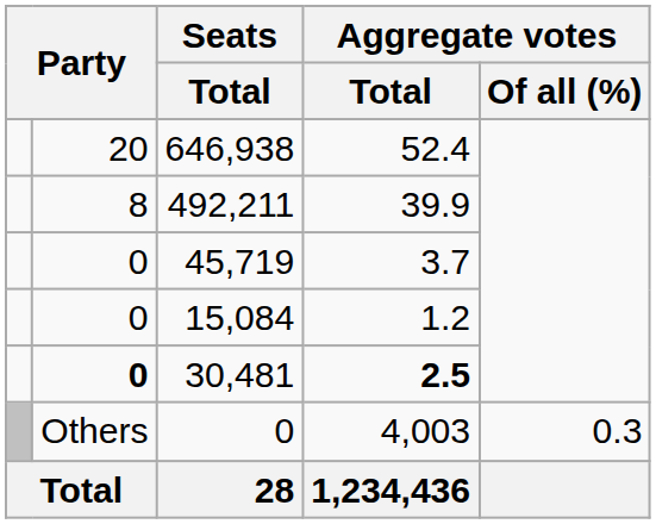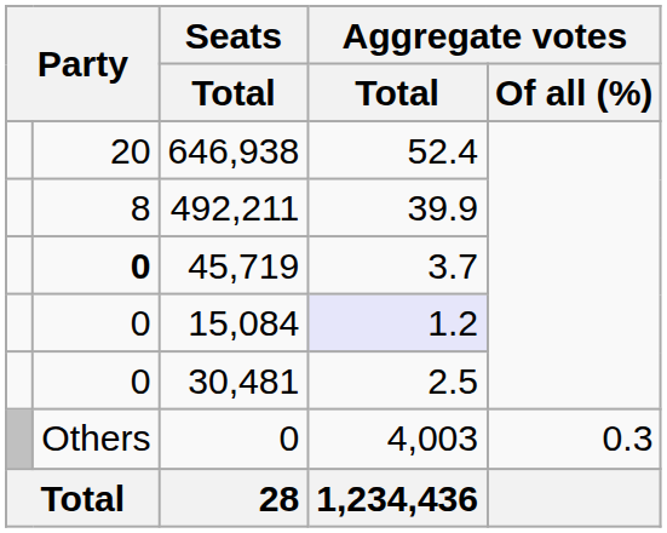 <table class="wikitable" style="text-align:right; font-size:95%;">
 <tr>
 <th colspan="2" rowspan="2">Party</th>
 <th>Seats</th>
 <th colspan="2">Aggregate votes</th>
 </tr>
 <tr>
 <th>Total</th>
 <th>Total</th>
 <th>Of all (%)</th>
 </tr>
 <tr>
 <td></td>
 <td>20</td>
 <td>646,938</td>
 <td>52.4</td>
 </tr>
 <tr>
 <td></td>
 <td>8</td>
 <td>492,211</td>
 <td>39.9</td>
 </tr>
 <tr>
 <td></td>
-<td>0</td>
+<td><strong>0</strong></td>
 <td>45,719</td>
 <td>3.7</td>
 </tr>
 <tr>
 <td></td>
 <td>0</td>
 <td>15,084</td>
-<td>1.2</td>
+<td style="background: lavender;">1.2</td>
 </tr>
 <tr>
 <td></td>
-<td><strong>0</strong></td>
+<td>0</td>
 <td>30,481</td>
-<td><strong>2.5</strong></td>
+<td>2.5</td>
 </tr>
 <tr>
 <td style="background:silver;"> </td>
 <td align=left>Others</td>
 <td>0</td>
 <td>4,003</td>
 <td>0.3</td>
 </tr>
 <tr>
 <th colspan="2" style="background:#f2f2f2"><strong>Total</strong></th>
 <td style="background:#f2f2f2;"><strong>28</strong></td>
 <td style="background:#f2f2f2;"><strong>1,234,436</strong></td>
 <td style="background:#f2f2f2;"></td>
 </tr>
 </table>
